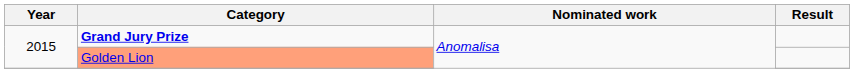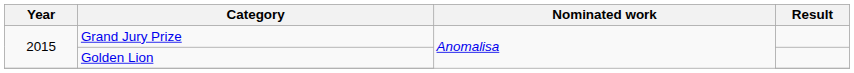 <table class=wikitable>
 <tr>
 <th scope="col" style="width:5em;">Year</th>
 <th scope="col" style="width:26em;">Category</th>
 <th scope="col" style="width:25em;">Nominated work</th>
 <th scope="col" style="width:5em;">Result</th>
 </tr>
 <tr>
 <td style="text-align:center;", rowspan=2>2015</td>
-<td><strong><a href='#'>Grand Jury Prize</a></strong></td>
+<td><a href='#'>Grand Jury Prize</a></td>
 <td rowspan=4><em><a href='#'>Anomalisa</a></em></td>
 <td></td>
 </tr>
 <tr>
-<td style="background: lightsalmon;"><a href='#'>Golden Lion</a></td>
+<td><a href='#'>Golden Lion</a></td>
 <td></td>
 </tr>
 <tr>
 </tr>
 </table>
